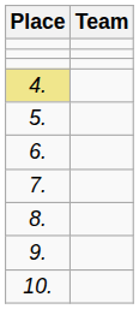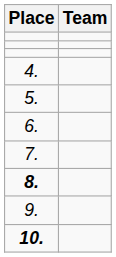 <table class="wikitable" style="text-align:center">
 <tr>
 <th>Place</th>
 <th>Team</th>
 </tr>
 <tr>
 <td></td>
 <td style="text-align:left;"></td>
 </tr>
 <tr>
 <td></td>
 <td style="text-align:left;"></td>
 </tr>
 <tr>
 <td></td>
 <td style="text-align:left;"></td>
 </tr>
 <tr>
-<td style="background: khaki;"><em>4.</em></td>
+<td><em>4.</em></td>
 <td style="text-align:left;"></td>
 </tr>
 <tr>
 <td><em>5.</em></td>
 <td style="text-align:left;"></td>
 </tr>
 <tr>
 <td><em>6.</em></td>
 <td style="text-align:left;"></td>
 </tr>
 <tr>
 <td><em>7.</em></td>
 <td style="text-align:left;"></td>
 </tr>
 <tr>
-<td><em>8.</em></td>
+<td><strong><em>8.</em></strong></td>
 <td style="text-align:left;"></td>
 </tr>
 <tr>
 <td><em>9.</em></td>
 <td style="text-align:left;"></td>
 </tr>
 <tr>
-<td><em>10.</em></td>
+<td><strong><em>10.</em></strong></td>
 <td style="text-align:left;"></td>
 </tr>
 </table>
